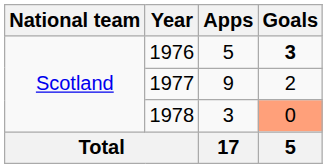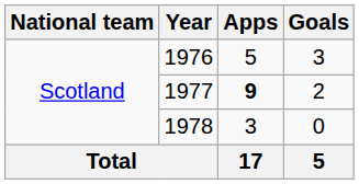 <table class="wikitable" style="text-align: center;">
 <tr>
 <th>National team</th>
 <th>Year</th>
 <th>Apps</th>
 <th>Goals</th>
 </tr>
 <tr>
 <td rowspan="3"><a href='#'>Scotland</a></td>
 <td>1976</td>
 <td>5</td>
-<td><strong>3</strong></td>
+<td>3</td>
 </tr>
 <tr>
 <td>1977</td>
-<td>9</td>
+<td><strong>9</strong></td>
 <td>2</td>
 </tr>
 <tr>
 <td>1978</td>
 <td>3</td>
-<td style="background: lightsalmon;">0</td>
+<td>0</td>
 </tr>
 <tr>
 <th colspan="2">Total</th>
 <th>17</th>
 <th>5</th>
 </tr>
 </table>
